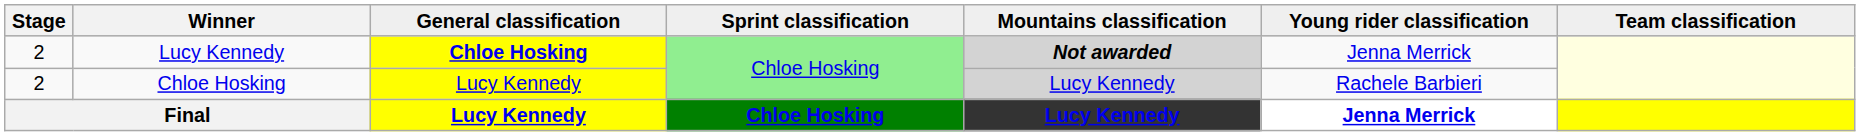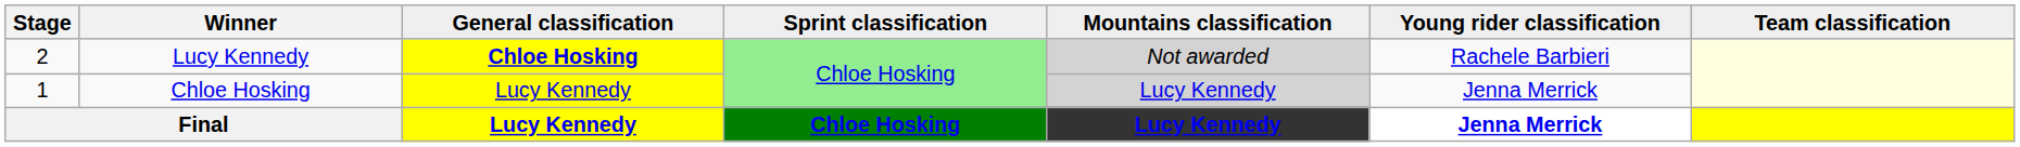 <table class="wikitable" style="text-align: center; font-size:smaller;">
 <tr style="background:#efefef;">
 <th style="width:2%;">Stage</th>
 <th style="width:14%;">Winner</th>
 <th style="background:#efefef; width:14%;">General classification<br></th>
 <th style="background:#efefef; width:14%;">Sprint classification<br></th>
 <th style="background:#efefef; width:14%;">Mountains classification<br></th>
 <th style="background:#efefef; width:14%;">Young rider classification<br></th>
 <th style="background:#efefef; width:14%;">Team classification</th>
 </tr>
 <tr>
 <td>2</td>
 <td><a href='#'>Lucy Kennedy</a></td>
 <td style="background:yellow;" rowspan=1><strong><a href='#'>Chloe Hosking</a></strong></td>
 <td style="background:lightgreen;" rowspan=2><a href='#'>Chloe Hosking</a></td>
-<td style="background:lightgrey;" rowspan=1><strong><em>Not awarded</em></strong></td>
-<td style="background:offwhite;"><a href='#'>Jenna Merrick</a></td>
+<td style="background:lightgrey;" rowspan=1><em>Not awarded</em></td>
+<td style="background:offwhite;"><a href='#'>Rachele Barbieri</a></td>
 <td style="background:lightyellow;" rowspan=2></td>
 </tr>
 <tr>
-<td>2</td>
+<td>1</td>
 <td><a href='#'>Chloe Hosking</a></td>
 <td style="background:yellow;" rowspan=1><a href='#'>Lucy Kennedy</a></td>
 <td style="background:lightgrey;" rowspan=1><a href='#'>Lucy Kennedy</a></td>
-<td style="background:offwhite;"><a href='#'>Rachele Barbieri</a></td>
+<td style="background:offwhite;"><a href='#'>Jenna Merrick</a></td>
 </tr>
 <tr>
 <th colspan=2>Final</th>
 <th style="background:yellow"><a href='#'>Lucy Kennedy</a></th>
 <th style="background:green"><a href='#'>Chloe Hosking</a></th>
 <th style="background:#333"><a href='#'>Lucy Kennedy</a></th>
 <th style="background:white"><a href='#'>Jenna Merrick</a></th>
 <th style="background:yellow;"></th>
 </tr>
 </table>
